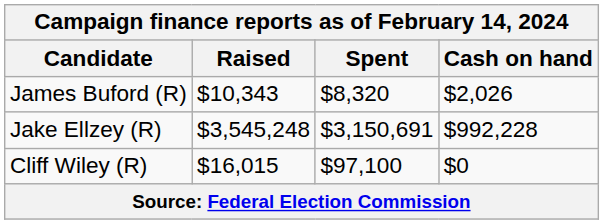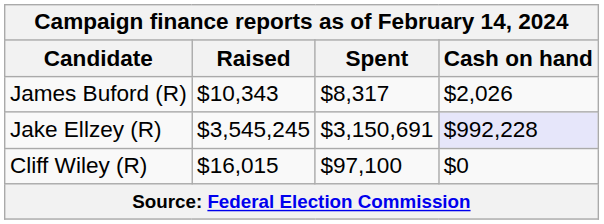 <table class="wikitable sortable">
 <tr>
 <th colspan=4>Campaign finance reports as of February 14, 2024</th>
 </tr>
 <tr style="text-align:center;">
 <th>Candidate</th>
 <th>Raised</th>
 <th>Spent</th>
 <th>Cash on hand</th>
 </tr>
 <tr>
 <td style="background-color:">James Buford (R)</td>
 <td>$10,343</td>
-<td>$8,320</td>
+<td>$8,317</td>
 <td>$2,026</td>
 </tr>
 <tr>
 <td style="background-color:">Jake Ellzey (R)</td>
-<td>$3,545,248</td>
+<td>$3,545,245</td>
 <td>$3,150,691</td>
-<td>$992,228</td>
+<td style="background: lavender;">$992,228</td>
 </tr>
 <tr>
 <td style="background-color:">Cliff Wiley (R)</td>
 <td>$16,015</td>
 <td>$97,100</td>
 <td>$0</td>
 </tr>
 <tr>
 <th colspan="4"><small>Source: <a href='#'>Federal Election Commission</a></small></th>
 </tr>
 </table>
